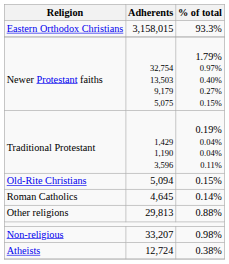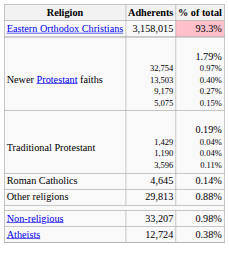 <table class="wikitable" style="text-align:right;">
 <tr>
 <th>Religion</th>
 <th>Adherents</th>
 <th>% of total</th>
 </tr>
 <tr>
 <td align="left"><a href='#'>Eastern Orthodox Christians</a></td>
 <td>3,158,015</td>
-<td>93.3%</td>
+<td style="background: pink;">93.3%</td>
 </tr>
 <tr>
 </tr>
 <tr>
 <td align="left"><br>Newer <a href='#'>Protestant</a> faiths</td>
 <td><br><br><small> 32,754<br> 13,503<br> 9,179<br> 5,075</small></td>
 <td><br>1.79%<br><small> 0.97%<br> 0.40%<br> 0.27%<br> 0.15%</small></td>
 </tr>
 <tr>
 <td align="left"><br>Traditional Protestant</td>
 <td><br><br><small> 1,429<br> 1,190<br> 3,596</small></td>
 <td><br>0.19%<br><small> 0.04%<br> 0.04%<br> 0.11%</small></td>
-</tr>
-<tr>
-<td align="left"><a href='#'>Old-Rite Christians</a> </td>
-<td>5,094</td>
-<td>0.15%</td>
 </tr>
 <tr>
 <td align="left">Roman Catholics</td>
 <td>4,645</td>
 <td>0.14%</td>
 </tr>
 <tr>
 <td align="left">Other religions</td>
 <td>29,813</td>
 <td>0.88%</td>
 </tr>
 <tr>
 <td colspan="3"></td>
 </tr>
 <tr>
 <td align="left"><a href='#'>Non-religious</a></td>
 <td>33,207</td>
 <td>0.98%</td>
 </tr>
 <tr>
 <td align="left"><a href='#'>Atheists</a></td>
 <td>12,724</td>
 <td>0.38%</td>
 </tr>
 <tr>
 </tr>
 </table>
